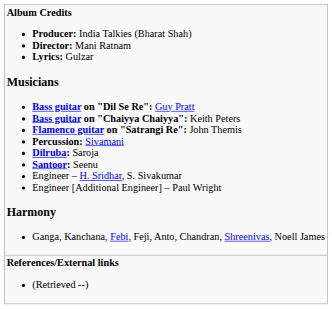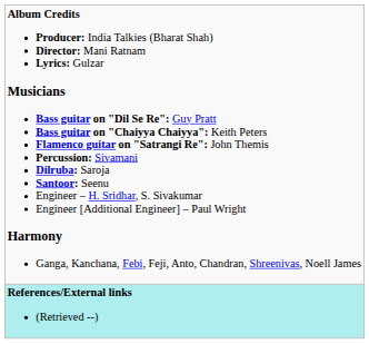 <table class="wikitable">
 <tr>
 <td><strong>Album Credits</strong><br><ul><li><strong>Producer:</strong> India Talkies (Bharat Shah)</li><li><strong>Director:</strong> Mani Ratnam</li><li><strong>Lyrics:</strong> Gulzar</li></ul><h3>Musicians</h3><ul><li><strong><a href='#'>Bass guitar</a> on "Dil Se Re":</strong> <a href='#'>Guy Pratt</a></li><li><strong><a href='#'>Bass guitar</a> on "Chaiyya Chaiyya":</strong> Keith Peters</li><li><strong><a href='#'>Flamenco guitar</a> on "Satrangi Re":</strong> John Themis</li><li><strong>Percussion:</strong> <a href='#'>Sivamani</a></li><li><strong><a href='#'>Dilruba</a>:</strong> Saroja</li><li><strong><a href='#'>Santoor</a>:</strong> Seenu</li><li>Engineer – <a href='#'>H. Sridhar</a>, S. Sivakumar</li><li>Engineer [Additional Engineer] – Paul Wright</li></ul><h3>Harmony</h3><ul><li>Ganga, Kanchana, <a href='#'>Febi</a>, Feji, Anto, Chandran, <a href='#'>Shreenivas</a>, Noell James</li></ul></td>
 </tr>
 <tr>
-<td><strong>References/External links</strong><br><ul><li><strong><em></em></strong> (Retrieved  --)</li></ul></td>
+<td style="background: paleturquoise;"><strong>References/External links</strong><br><ul><li><strong><em></em></strong> (Retrieved  --)</li></ul></td>
 </tr>
 </table>
